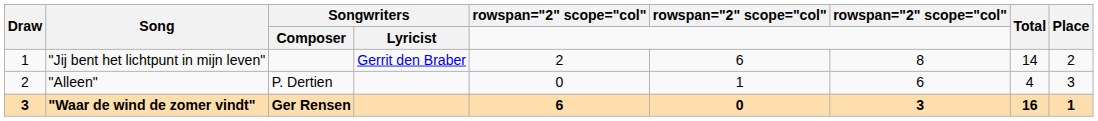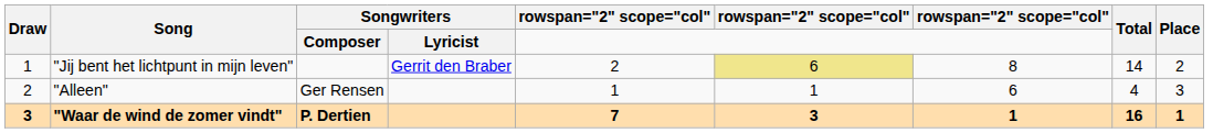 <table class="sortable wikitable">
 <tr>
 <th rowspan="2">Draw</th>
 <th rowspan="2">Song</th>
 <th colspan="2">Songwriters</th>
 <th>rowspan="2" scope="col" </th>
 <th>rowspan="2" scope="col" </th>
 <th>rowspan="2" scope="col" </th>
 <th rowspan="2">Total</th>
 <th rowspan="2">Place</th>
 </tr>
 <tr>
 <th>Composer</th>
 <th>Lyricist</th>
 </tr>
 <tr>
 <td align="center">1</td>
 <td>"Jij bent het lichtpunt in mijn leven"</td>
 <td></td>
 <td><a href='#'>Gerrit den Braber</a></td>
 <td align="center">2</td>
-<td align="center">6</td>
+<td align="center" style="background: khaki;">6</td>
 <td align="center">8</td>
 <td align="center">14</td>
 <td align="center">2</td>
 </tr>
 <tr>
 <td align="center">2</td>
 <td>"Alleen"</td>
-<td>P. Dertien</td>
+<td>Ger Rensen</td>
 <td></td>
-<td align="center">0</td>
+<td align="center">1</td>
 <td align="center">1</td>
 <td align="center">6</td>
 <td align="center">4</td>
 <td align="center">3</td>
 </tr>
 <tr style="background:#FFDEAD; font-weight:bold;">
 <td align="center">3</td>
 <td>"Waar de wind de zomer vindt"</td>
-<td>Ger Rensen</td>
+<td>P. Dertien</td>
 <td></td>
-<td align="center">6</td>
-<td align="center">0</td>
+<td align="center">7</td>
 <td align="center">3</td>
+<td align="center">1</td>
 <td align="center">16</td>
 <td align="center">1</td>
 </tr>
 </table>
